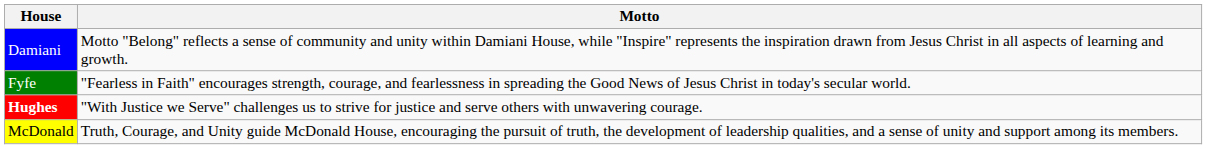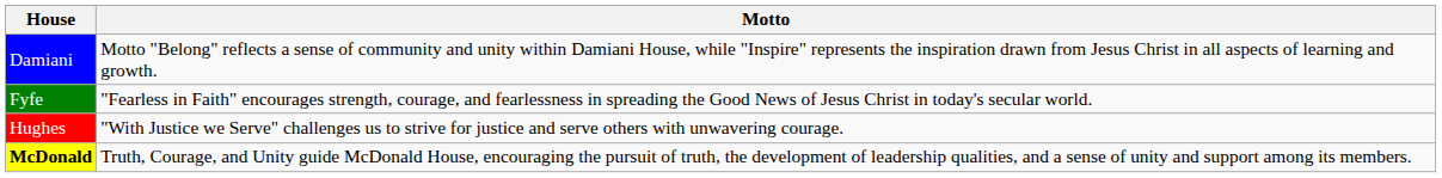 <table class="wikitable">
 <tr>
 <th>House</th>
 <th>Motto</th>
 </tr>
 <tr>
 <td style="background-color: blue; color: white;">Damiani</td>
 <td>Motto "Belong" reflects a sense of community and unity within Damiani House, while "Inspire" represents the inspiration drawn from Jesus Christ in all aspects of learning and growth.</td>
 </tr>
 <tr>
 <td style="background-color: green; color: white;">Fyfe</td>
 <td>"Fearless in Faith" encourages strength, courage, and fearlessness in spreading the Good News of Jesus Christ in today's secular world.</td>
 </tr>
 <tr>
-<td style="background-color: red; color: white;"><strong>Hughes</strong></td>
+<td style="background-color: red; color: white;">Hughes</td>
 <td>"With Justice we Serve" challenges us to strive for justice and serve others with unwavering courage.</td>
 </tr>
 <tr>
-<td style="background-color: yellow; color: black;">McDonald</td>
+<td style="background-color: yellow; color: black;"><strong>McDonald</strong></td>
 <td>Truth, Courage, and Unity guide McDonald House, encouraging the pursuit of truth, the development of leadership qualities, and a sense of unity and support among its members.</td>
 </tr>
 </table>
